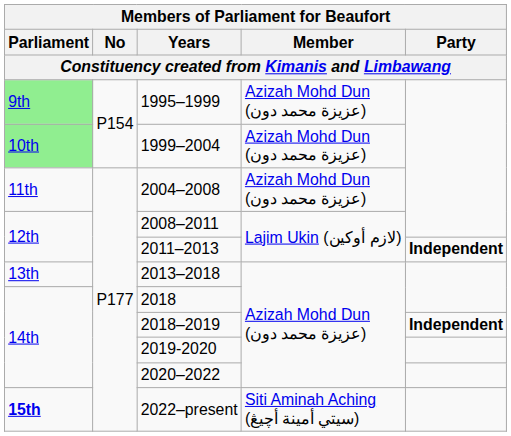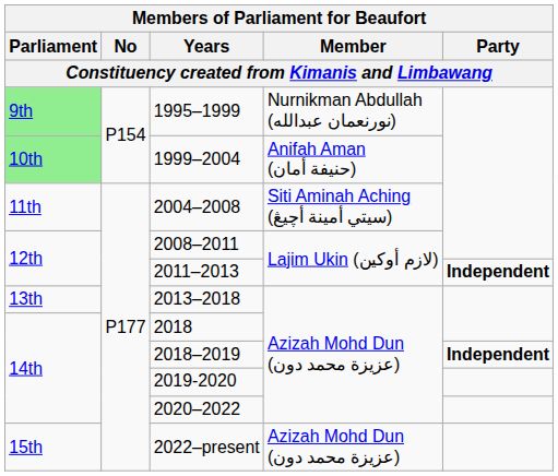 <table class=wikitable>
 <tr>
 <th colspan="5">Members of Parliament for Beaufort</th>
 </tr>
 <tr>
 <th>Parliament</th>
 <th>No</th>
 <th>Years</th>
 <th>Member</th>
 <th>Party</th>
 </tr>
 <tr>
 <th colspan="5" align="center"><em>Constituency created from <a href='#'>Kimanis</a> and <a href='#'>Limbawang</a></em></th>
 </tr>
 <tr>
 <td style="background: lightgreen;"><a href='#'>9th</a></td>
 <td rowspan="2">P154</td>
 <td>1995–1999</td>
-<td><a href='#'>Azizah Mohd Dun</a>  <br>(عزيزة محمد دون)</td>
+<td>Nurnikman Abdullah <br> (نورنعمان عبدالله)</td>
 <td rowspan="4"></td>
 </tr>
 <tr>
 <td style="background: lightgreen;"><a href='#'>10th</a></td>
 <td>1999–2004</td>
-<td><a href='#'>Azizah Mohd Dun</a>  <br>(عزيزة محمد دون)</td>
+<td><a href='#'>Anifah Aman</a>  <br>(حنيفة أمان)</td>
 </tr>
 <tr>
 <td><a href='#'>11th</a></td>
 <td rowspan="9">P177</td>
 <td>2004–2008</td>
-<td><a href='#'>Azizah Mohd Dun</a>  <br>(عزيزة محمد دون)</td>
+<td><a href='#'>Siti Aminah Aching</a>  <br>(سيتي أمينة أچيڠ)</td>
 </tr>
 <tr>
 <td rowspan=2><a href='#'>12th</a></td>
 <td>2008–2011</td>
 <td rowspan=2><a href='#'>Lajim Ukin</a> (لازم أوكين)</td>
 </tr>
 <tr>
 <td>2011–2013</td>
 <td><strong>Independent</strong></td>
 </tr>
 <tr>
 <td><a href='#'>13th</a></td>
 <td>2013–2018</td>
 <td rowspan="5"><a href='#'>Azizah Mohd Dun</a> <br> (عزيزة محمد دون)</td>
 <td rowspan="2"></td>
 </tr>
 <tr>
 <td rowspan="4"><a href='#'>14th</a></td>
 <td>2018</td>
 </tr>
 <tr>
 <td>2018–2019</td>
 <td><strong>Independent</strong></td>
 </tr>
 <tr>
 <td>2019-2020</td>
 <td></td>
 </tr>
 <tr>
 <td>2020–2022</td>
 <td></td>
 </tr>
 <tr>
-<td><strong><a href='#'>15th</a></strong></td>
+<td><a href='#'>15th</a></td>
 <td>2022–present</td>
-<td><a href='#'>Siti Aminah Aching</a>  <br>(سيتي أمينة أچيڠ)</td>
+<td><a href='#'>Azizah Mohd Dun</a>  <br>(عزيزة محمد دون)</td>
 <td></td>
 </tr>
 </table>
